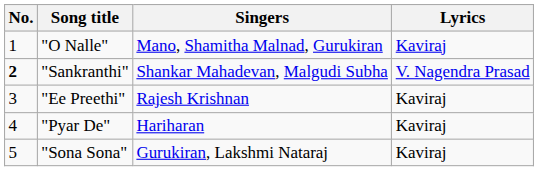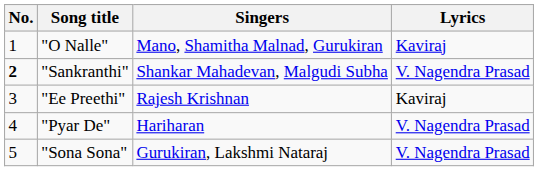 <table class="wikitable">
 <tr>
 <th>No.</th>
 <th>Song title</th>
 <th>Singers</th>
 <th>Lyrics</th>
 </tr>
 <tr>
 <td>1</td>
 <td>"O Nalle"</td>
 <td><a href='#'>Mano</a>, <a href='#'>Shamitha Malnad</a>, <a href='#'>Gurukiran</a></td>
 <td><a href='#'>Kaviraj</a></td>
 </tr>
 <tr>
 <td><strong>2</strong></td>
 <td>"Sankranthi"</td>
 <td><a href='#'>Shankar Mahadevan</a>, <a href='#'>Malgudi Subha</a></td>
 <td><a href='#'>V. Nagendra Prasad</a></td>
 </tr>
 <tr>
 <td>3</td>
 <td>"Ee Preethi"</td>
 <td><a href='#'>Rajesh Krishnan</a></td>
 <td>Kaviraj</td>
 </tr>
 <tr>
 <td>4</td>
 <td>"Pyar De"</td>
 <td><a href='#'>Hariharan</a></td>
-<td>Kaviraj</td>
+<td><a href='#'>V. Nagendra Prasad</a></td>
 </tr>
 <tr>
 <td>5</td>
 <td>"Sona Sona"</td>
 <td><a href='#'>Gurukiran</a>, Lakshmi Nataraj</td>
-<td>Kaviraj</td>
+<td><a href='#'>V. Nagendra Prasad</a></td>
 </tr>
 </table>
